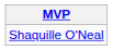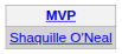 <table class=wikitable style="text-align:center; margin:auto">
 <tr>
 <th><a href='#'>MVP</a></th>
 </tr>
 <tr>
-<td> <a href='#'>Shaquille O'Neal</a></td>
+<td style="background: lightgrey;"> <a href='#'>Shaquille O'Neal</a></td>
 </tr>
 </table>
